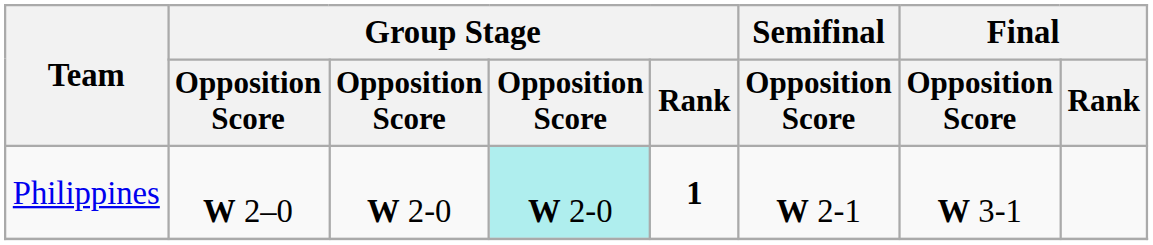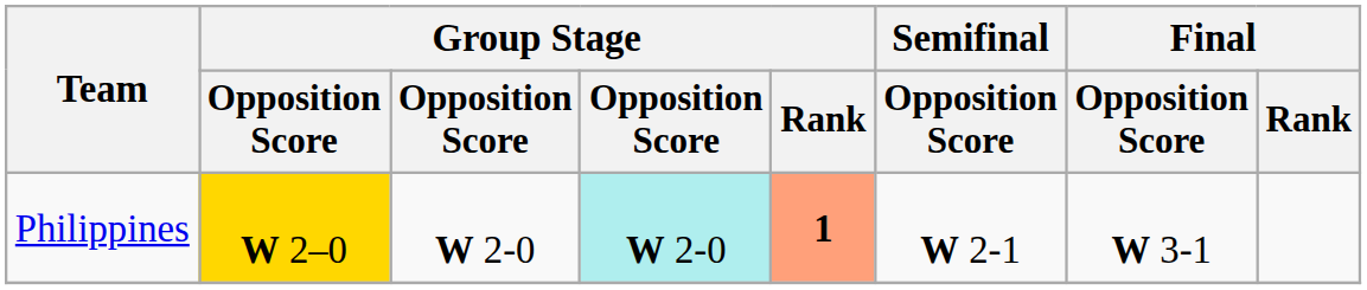 <table class="wikitable" style="font-size:90%">
 <tr>
 <th rowspan=2>Team</th>
 <th colspan=4>Group Stage</th>
 <th>Semifinal</th>
 <th colspan=2>Final</th>
 </tr>
 <tr style="font-size:95%">
 <th>Opposition<br>Score</th>
 <th>Opposition<br>Score</th>
 <th>Opposition<br>Score</th>
 <th>Rank</th>
 <th>Opposition<br>Score</th>
 <th>Opposition<br>Score</th>
 <th>Rank</th>
 </tr>
 <tr align=center>
 <td align=left><a href='#'>Philippines</a></td>
-<td><br><strong>W</strong> 2–0</td>
+<td style="background: gold;"><br><strong>W</strong> 2–0</td>
 <td><br><strong>W</strong> 2-0</td>
 <td style="background: paleturquoise;"><br><strong>W</strong> 2-0</td>
-<td><strong>1</strong></td>
+<td style="background: lightsalmon;"><strong>1</strong></td>
 <td><br><strong>W</strong> 2-1</td>
 <td><br><strong>W</strong> 3-1</td>
 <td></td>
 </tr>
 <tr>
 </tr>
 </table>
